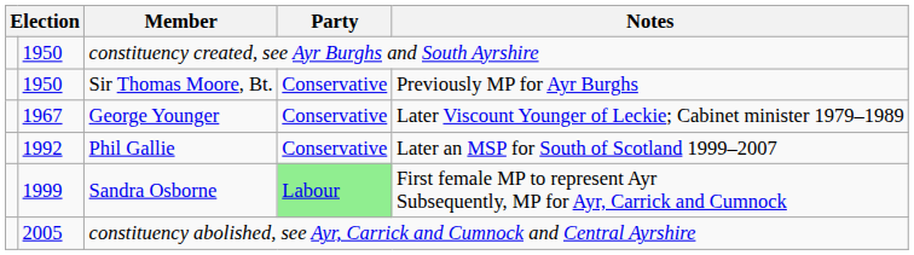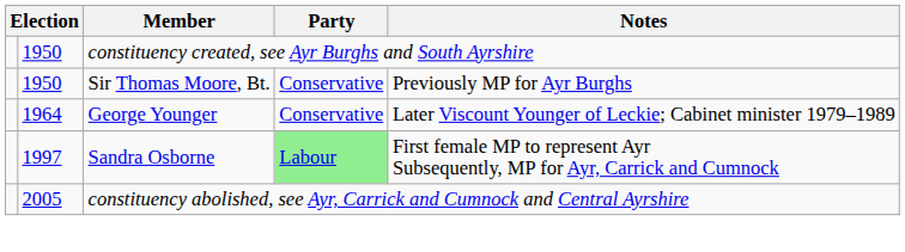 <table class="wikitable">
 <tr>
 <th colspan="2">Election</th>
 <th>Member</th>
 <th>Party</th>
 <th>Notes</th>
 </tr>
 <tr>
 <td></td>
 <td><a href='#'>1950</a></td>
 <td colspan="3"><em>constituency created, see <a href='#'>Ayr Burghs</a> and <a href='#'>South Ayrshire</a></em></td>
 </tr>
 <tr>
 <td style="color:inherit;background-color: "></td>
 <td><a href='#'>1950</a></td>
 <td>Sir <a href='#'>Thomas Moore</a>, Bt.</td>
 <td><a href='#'>Conservative</a></td>
 <td>Previously MP for <a href='#'>Ayr Burghs</a></td>
 </tr>
 <tr>
 <td style="color:inherit;background-color: "></td>
-<td><a href='#'>1967</a></td>
+<td><a href='#'>1964</a></td>
 <td><a href='#'>George Younger</a></td>
 <td><a href='#'>Conservative</a></td>
 <td>Later <a href='#'>Viscount Younger of Leckie</a>; Cabinet minister 1979–1989</td>
 </tr>
 <tr>
 <td style="color:inherit;background-color: "></td>
-<td><a href='#'>1992</a></td>
-<td><a href='#'>Phil Gallie</a></td>
-<td><a href='#'>Conservative</a></td>
-<td>Later an <a href='#'>MSP</a> for <a href='#'>South of Scotland</a> 1999–2007</td>
-</tr>
-<tr>
-<td style="color:inherit;background-color: "></td>
-<td><a href='#'>1999</a></td>
+<td><a href='#'>1997</a></td>
 <td><a href='#'>Sandra Osborne</a></td>
 <td style="background: lightgreen;"><a href='#'>Labour</a></td>
 <td>First female MP to represent Ayr<br>Subsequently, MP for <a href='#'>Ayr, Carrick and Cumnock</a></td>
 </tr>
 <tr>
 <td></td>
 <td><a href='#'>2005</a></td>
 <td colspan="3"><em>constituency abolished, see <a href='#'>Ayr, Carrick and Cumnock</a> and <a href='#'>Central Ayrshire</a></em></td>
 </tr>
 </table>
